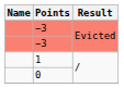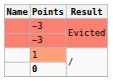 <table class="wikitable" style="width: auto">
 <tr>
 <th>Name</th>
 <th>Points</th>
 <th>Result</th>
 </tr>
 <tr style="background:salmon;">
 <td></td>
 <td>−3</td>
 <td rowspan="2">Evicted</td>
 </tr>
 <tr style="background:salmon;">
 <td></td>
 <td>−3</td>
 </tr>
 <tr>
 <td></td>
-<td>1</td>
+<td style="background: lightsalmon;">1</td>
 <td rowspan="2">/</td>
 </tr>
 <tr>
 <td></td>
-<td>0</td>
+<td><strong>0</strong></td>
 </tr>
 <tr>
 </tr>
 </table>
